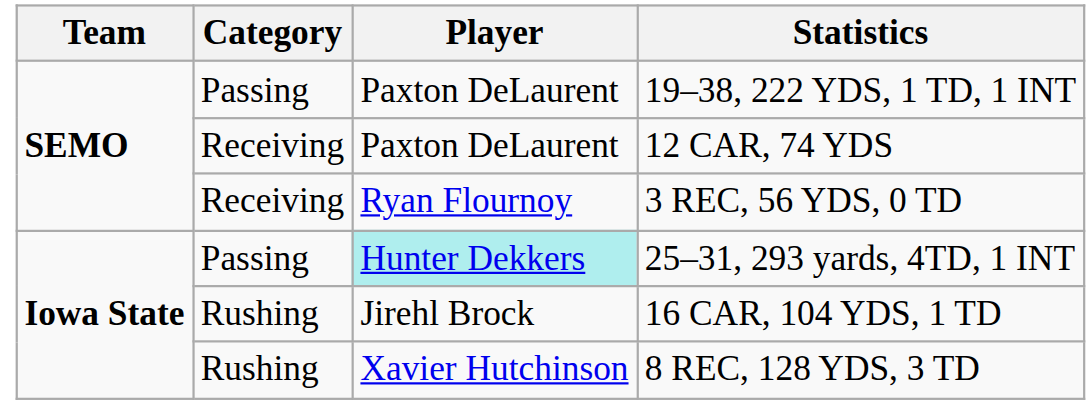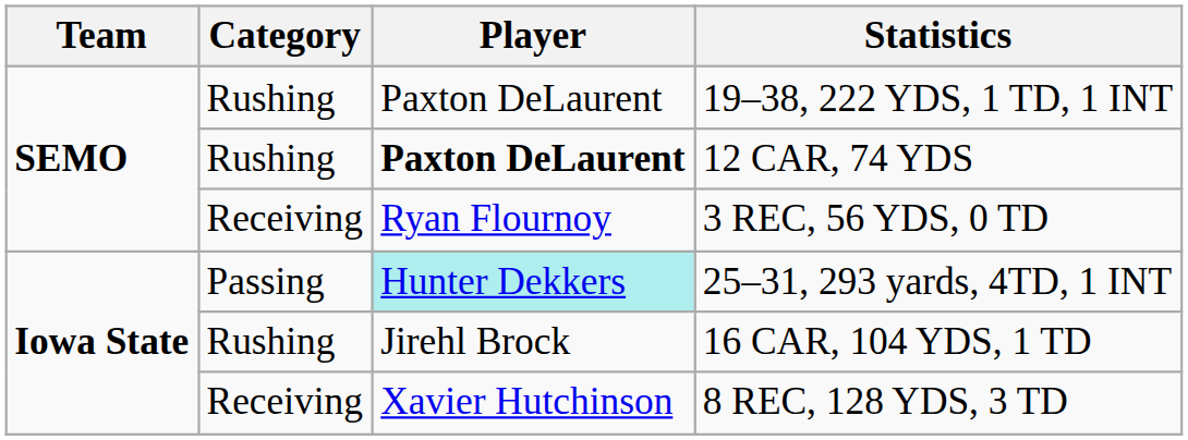 <table class="wikitable" style="float: right;">
 <tr>
 <th>Team</th>
 <th>Category</th>
 <th>Player</th>
 <th>Statistics</th>
 </tr>
 <tr>
 <td rowspan=3><strong>SEMO</strong></td>
-<td>Passing</td>
+<td>Rushing</td>
 <td>Paxton DeLaurent</td>
 <td>19–38, 222 YDS, 1 TD, 1 INT</td>
 </tr>
 <tr>
-<td>Receiving</td>
-<td>Paxton DeLaurent</td>
+<td>Rushing</td>
+<td><strong>Paxton DeLaurent</strong></td>
 <td>12 CAR, 74 YDS</td>
 </tr>
 <tr>
 <td>Receiving</td>
 <td><a href='#'>Ryan Flournoy</a></td>
 <td>3 REC, 56 YDS, 0 TD</td>
 </tr>
 <tr>
 <td rowspan=3><strong>Iowa State</strong></td>
 <td>Passing</td>
 <td style="background: paleturquoise;"><a href='#'>Hunter Dekkers</a></td>
 <td>25–31, 293 yards, 4TD, 1 INT</td>
 </tr>
 <tr>
 <td>Rushing</td>
 <td>Jirehl Brock</td>
 <td>16 CAR, 104 YDS, 1 TD</td>
 </tr>
 <tr>
-<td>Rushing</td>
+<td>Receiving</td>
 <td><a href='#'>Xavier Hutchinson</a></td>
 <td>8 REC, 128 YDS, 3 TD</td>
 </tr>
 </table>
